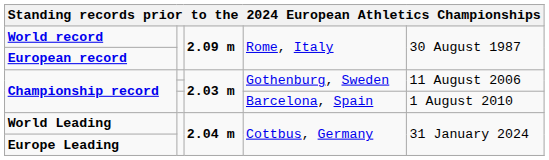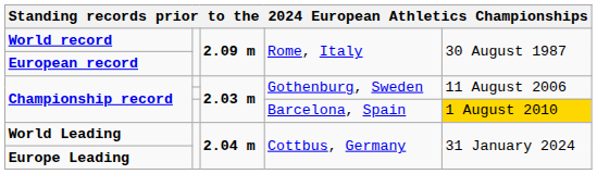 <table class="wikitable">
 <tr>
 <th colspan="5">Standing records prior to the 2024 European Athletics Championships</th>
 </tr>
 <tr>
 <td><strong><a href='#'>World record</a></strong></td>
 <td rowspan="2"></td>
 <td rowspan="2"><strong>2.09 m</strong></td>
 <td rowspan="2"><a href='#'>Rome</a>, <a href='#'>Italy</a></td>
 <td rowspan="2">30 August 1987</td>
 </tr>
 <tr>
 <td><strong><a href='#'>European record</a></strong></td>
 </tr>
 <tr>
 <td rowspan="3"><strong><a href='#'>Championship record</a></strong></td>
 <td></td>
 <td rowspan="3"><strong>2.03 m</strong></td>
 <td rowspan="2"><a href='#'>Gothenburg</a>, <a href='#'>Sweden</a></td>
 <td rowspan="2">11 August 2006</td>
 </tr>
 <tr>
 <td></td>
 </tr>
 <tr>
 <td></td>
 <td><a href='#'>Barcelona</a>, <a href='#'>Spain</a></td>
-<td>1 August 2010</td>
+<td style="background: gold;">1 August 2010</td>
 </tr>
 <tr>
 <td><strong>World Leading</strong></td>
 <td rowspan="2"></td>
 <td rowspan="2"><strong>2.04 m</strong></td>
 <td rowspan="2"><a href='#'>Cottbus</a>, <a href='#'>Germany</a></td>
 <td rowspan="2">31 January 2024</td>
 </tr>
 <tr>
 <td><strong>Europe Leading</strong></td>
 </tr>
 </table>
